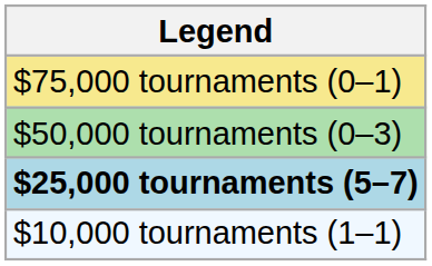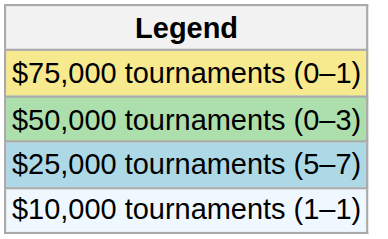 <table class=wikitable style="font-size:85%">
 <tr>
 <th>Legend</th>
 </tr>
 <tr style="background:#f7e98e;">
 <td>$75,000 tournaments (0–1)</td>
 </tr>
 <tr style="background:#addfad;">
 <td>$50,000 tournaments (0–3)</td>
 </tr>
 <tr style="background:lightblue;">
-<td><strong>$25,000 tournaments (5–7)</strong></td>
+<td>$25,000 tournaments (5–7)</td>
 </tr>
 <tr style="background:#f0f8ff;">
 <td>$10,000 tournaments (1–1)</td>
 </tr>
 </table>
